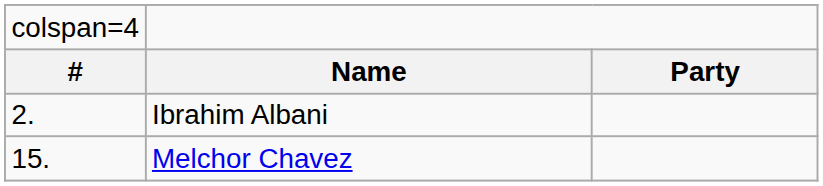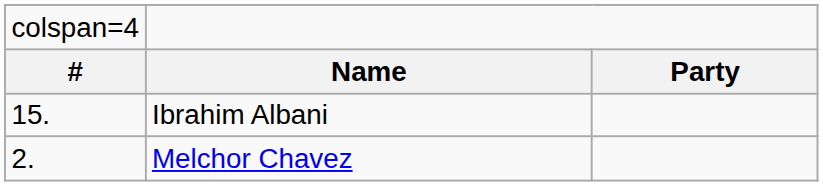 <table class=wikitable style="font-size:90%">
 <tr>
 <td>colspan=4 </td>
 </tr>
 <tr>
 <th>#</th>
 <th width=55%>Name</th>
 <th colspan=2 width=110px>Party</th>
 </tr>
 <tr>
-<td>2.</td>
+<td>15.</td>
 <td>Ibrahim Albani</td>
 <td></td>
 </tr>
 <tr>
-<td>15.</td>
+<td>2.</td>
 <td><a href='#'>Melchor Chavez</a></td>
 <td></td>
 </tr>
 </table>
